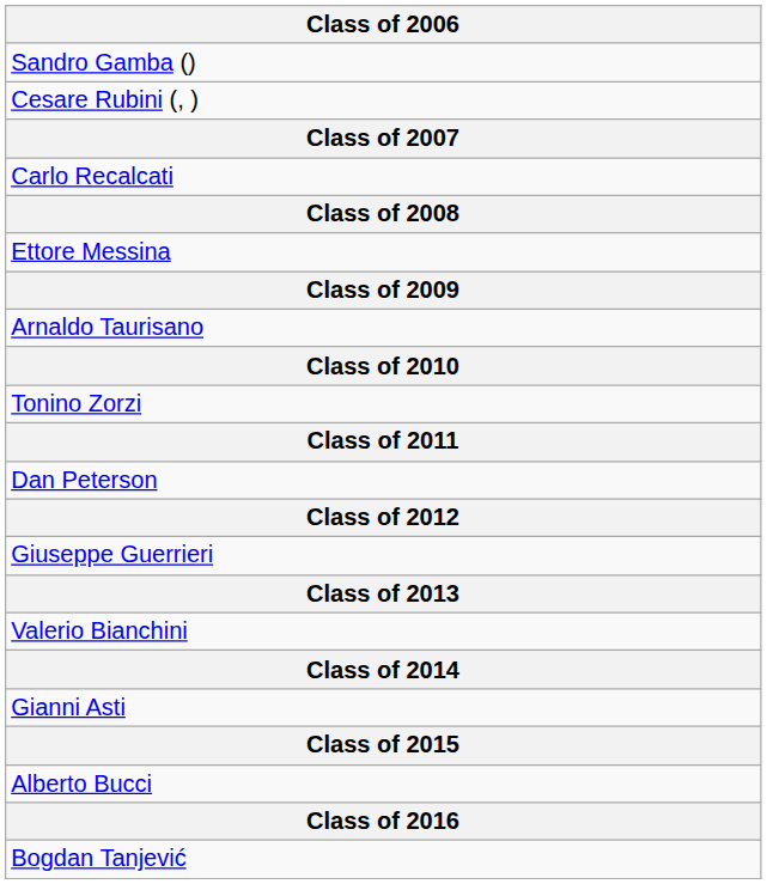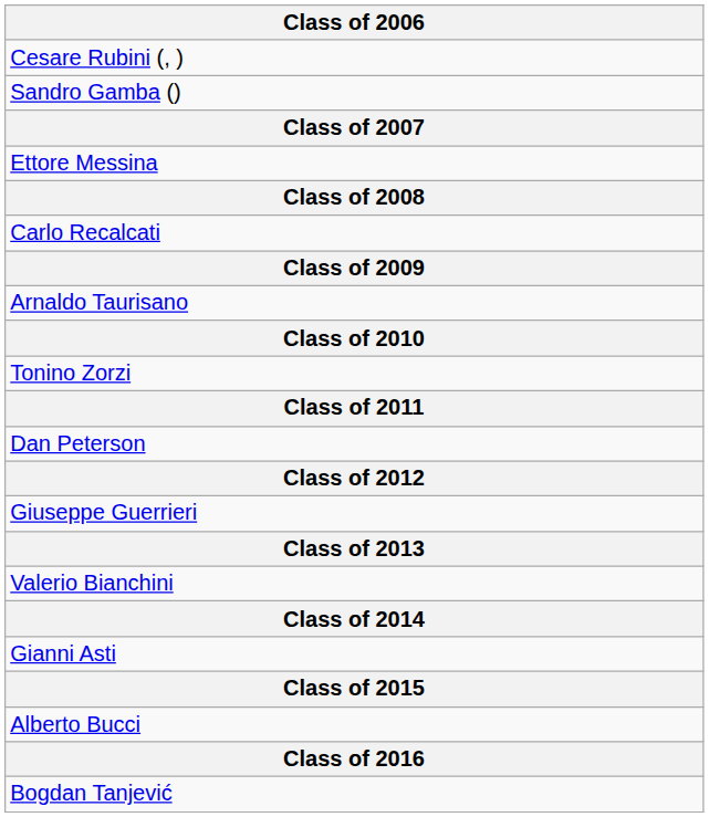 <table class="wikitable" style="width:40%">
 <tr>
 <th>Class of 2006</th>
 </tr>
 <tr>
-<td><a href='#'>Sandro Gamba</a> (<strong></strong>)</td>
+<td><a href='#'>Cesare Rubini</a> (<strong></strong>, <strong></strong>)</td>
 </tr>
 <tr>
-<td><a href='#'>Cesare Rubini</a> (<strong></strong>, <strong></strong>)</td>
+<td><a href='#'>Sandro Gamba</a> (<strong></strong>)</td>
 </tr>
 <tr>
 <th>Class of 2007</th>
 </tr>
 <tr>
-<td><a href='#'>Carlo Recalcati</a></td>
+<td><a href='#'>Ettore Messina</a></td>
 </tr>
 <tr>
 <th>Class of 2008</th>
 </tr>
 <tr>
-<td><a href='#'>Ettore Messina</a></td>
+<td><a href='#'>Carlo Recalcati</a></td>
 </tr>
 <tr>
 <th>Class of 2009</th>
 </tr>
 <tr>
 <td><a href='#'>Arnaldo Taurisano</a></td>
 </tr>
 <tr>
 <th>Class of 2010</th>
 </tr>
 <tr>
 <td><a href='#'>Tonino Zorzi</a></td>
 </tr>
 <tr>
 <th>Class of 2011</th>
 </tr>
 <tr>
 <td><a href='#'>Dan Peterson</a></td>
 </tr>
 <tr>
 <th>Class of 2012</th>
 </tr>
 <tr>
 <td><a href='#'>Giuseppe Guerrieri</a></td>
 </tr>
 <tr>
 <th>Class of 2013</th>
 </tr>
 <tr>
 <td><a href='#'>Valerio Bianchini</a></td>
 </tr>
 <tr>
 <th>Class of 2014</th>
 </tr>
 <tr>
 <td><a href='#'>Gianni Asti</a></td>
 </tr>
 <tr>
 <th>Class of 2015</th>
 </tr>
 <tr>
 <td><a href='#'>Alberto Bucci</a></td>
 </tr>
 <tr>
 <th>Class of 2016</th>
 </tr>
 <tr>
 <td><a href='#'>Bogdan Tanjević</a></td>
 </tr>
 </table>
